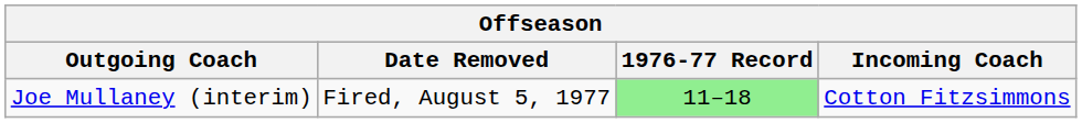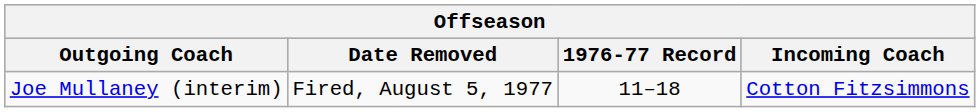 <table class="wikitable" border="1" style="text-align: center">
 <tr>
 <th colspan="4">Offseason</th>
 </tr>
 <tr>
 <th>Outgoing Coach</th>
 <th>Date Removed</th>
 <th>1976-77 Record</th>
 <th>Incoming Coach</th>
 </tr>
 <tr>
 <td><a href='#'>Joe Mullaney</a> (interim)</td>
 <td>Fired, August 5, 1977</td>
-<td style="background: lightgreen;">11–18</td>
+<td>11–18</td>
 <td><a href='#'>Cotton Fitzsimmons</a></td>
 </tr>
 </table>
